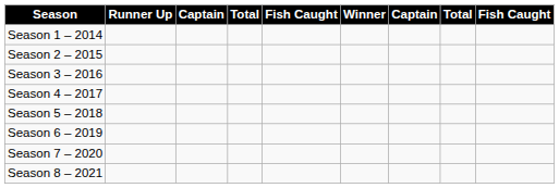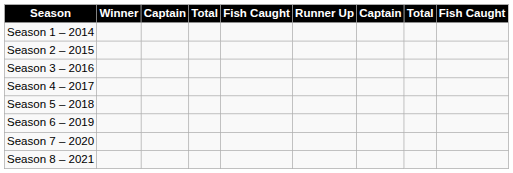 <table class="wikitable plainrowheaders">
 <tr>
 <th style="background-color: #000000; color: #FFFFFF;">Season</th>
-<th style="background-color: #000000; color: #FFFFFF;">Runner Up</th>
+<th style="background-color: #000000; color: #FFFFFF;">Winner</th>
 <th style="background-color: #000000; color: #FFFFFF;">Captain</th>
 <th style="background-color: #000000; color: #FFFFFF;">Total</th>
 <th style="background-color: #000000; color: #FFFFFF;">Fish Caught</th>
-<th style="background-color: #000000; color: #FFFFFF;">Winner</th>
+<th style="background-color: #000000; color: #FFFFFF;">Runner Up</th>
 <th style="background-color: #000000; color: #FFFFFF;">Captain</th>
 <th style="background-color: #000000; color: #FFFFFF;">Total</th>
 <th style="background-color: #000000; color: #FFFFFF;">Fish Caught</th>
 </tr>
 <tr>
 <td>Season 1 – 2014</td>
 <td></td>
 <td></td>
 <td></td>
 <td></td>
 <td></td>
 <td></td>
 <td></td>
 <td></td>
 </tr>
 <tr>
 <td>Season 2 – 2015</td>
 <td></td>
 <td></td>
 <td></td>
 <td></td>
 <td></td>
 <td></td>
 <td></td>
 <td></td>
 </tr>
 <tr>
 <td>Season 3 – 2016</td>
 <td></td>
 <td></td>
 <td></td>
 <td></td>
 <td></td>
 <td></td>
 <td></td>
 <td></td>
 </tr>
 <tr>
 <td>Season 4 – 2017</td>
 <td></td>
 <td></td>
 <td></td>
 <td></td>
 <td></td>
 <td></td>
 <td></td>
 <td></td>
 </tr>
 <tr>
 <td>Season 5 – 2018</td>
 <td></td>
 <td></td>
 <td></td>
 <td></td>
 <td></td>
 <td></td>
 <td></td>
 <td></td>
 </tr>
 <tr>
 <td>Season 6 – 2019</td>
 <td></td>
 <td></td>
 <td></td>
 <td></td>
 <td></td>
 <td></td>
 <td></td>
 <td></td>
 </tr>
 <tr>
 <td>Season 7 – 2020</td>
 <td></td>
 <td></td>
 <td></td>
 <td></td>
 <td></td>
 <td></td>
 <td></td>
 <td></td>
 </tr>
 <tr>
 <td>Season 8 – 2021</td>
 <td></td>
 <td></td>
 <td></td>
 <td></td>
 <td></td>
 <td></td>
 <td></td>
 <td></td>
 </tr>
 </table>
